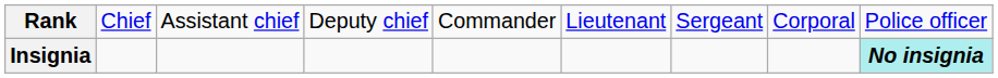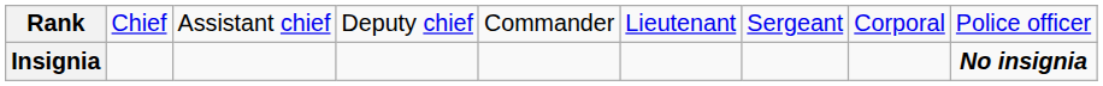 <table class="wikitable">
 <tr style="text-align:center;">
 <th>Rank</th>
 <td><a href='#'>Chief</a></td>
 <td>Assistant <a href='#'>chief</a></td>
 <td>Deputy <a href='#'>chief</a></td>
 <td>Commander</td>
 <td><a href='#'>Lieutenant</a></td>
 <td><a href='#'>Sergeant</a></td>
 <td><a href='#'>Corporal</a></td>
 <td><a href='#'>Police officer</a></td>
 </tr>
 <tr style="text-align:center;">
 <th>Insignia</th>
 <td></td>
 <td></td>
 <td></td>
 <td></td>
 <td></td>
 <td></td>
 <td></td>
-<td style="background: paleturquoise;"><strong><em>No insignia</em></strong></td>
+<td><strong><em>No insignia</em></strong></td>
 </tr>
 </table>
